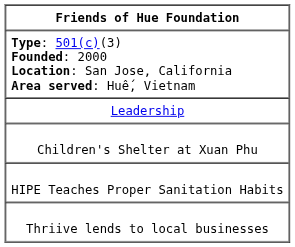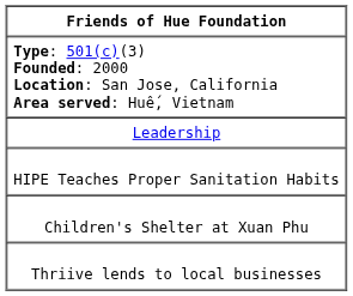 <table border="1" cellpadding="5" cellspacing="0" align="right">
 <tr>
 <th>Friends of Hue Foundation</th>
 </tr>
 <tr>
 <td style="text-align: left;"><strong>Type</strong>: <a href='#'>501(c)</a>(3)<br><strong>Founded</strong>: 2000<br><strong>Location</strong>: San Jose, California<br><strong>Area served</strong>: Huế, Vietnam</td>
 </tr>
 <tr>
 <td style="text-align: center;"><a href='#'>Leadership</a></td>
 </tr>
 <tr>
-<td align="center"><br> Children's Shelter at Xuan Phu</td>
+<td align="center"><br> HIPE Teaches Proper Sanitation Habits</td>
 </tr>
 <tr>
-<td align="center"><br> HIPE Teaches Proper Sanitation Habits</td>
+<td align="center"><br> Children's Shelter at Xuan Phu</td>
 </tr>
 <tr>
 <td align="center"><br> Thriive lends to local businesses</td>
 </tr>
 </table>
